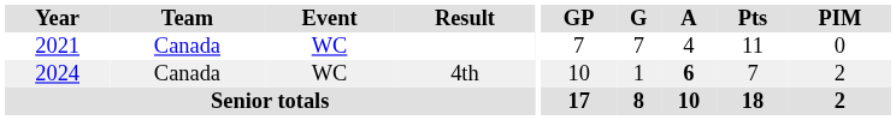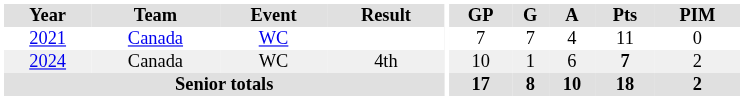 <table border="0" cellpadding="1" cellspacing="0" ID="Table3" style="text-align:center; width:40em">
 <tr bgcolor="#e0e0e0">
 <th>Year</th>
 <th>Team</th>
 <th>Event</th>
 <th>Result</th>
 <th rowspan="99" bgcolor="#ffffff"></th>
 <th>GP</th>
 <th>G</th>
 <th>A</th>
 <th>Pts</th>
 <th>PIM</th>
 </tr>
 <tr>
 <td><a href='#'>2021</a></td>
 <td><a href='#'>Canada</a></td>
 <td><a href='#'>WC</a></td>
 <td></td>
 <td>7</td>
 <td>7</td>
 <td>4</td>
 <td>11</td>
 <td>0</td>
 </tr>
 <tr bgcolor="#f0f0f0">
 <td><a href='#'>2024</a></td>
 <td>Canada</td>
 <td>WC</td>
 <td>4th</td>
 <td>10</td>
 <td>1</td>
-<td><strong>6</strong></td>
-<td>7</td>
+<td>6</td>
+<td><strong>7</strong></td>
 <td>2</td>
 </tr>
 <tr bgcolor="#e0e0e0">
 <th colspan="4">Senior totals</th>
 <th>17</th>
 <th>8</th>
 <th>10</th>
 <th>18</th>
 <th>2</th>
 </tr>
 </table>
